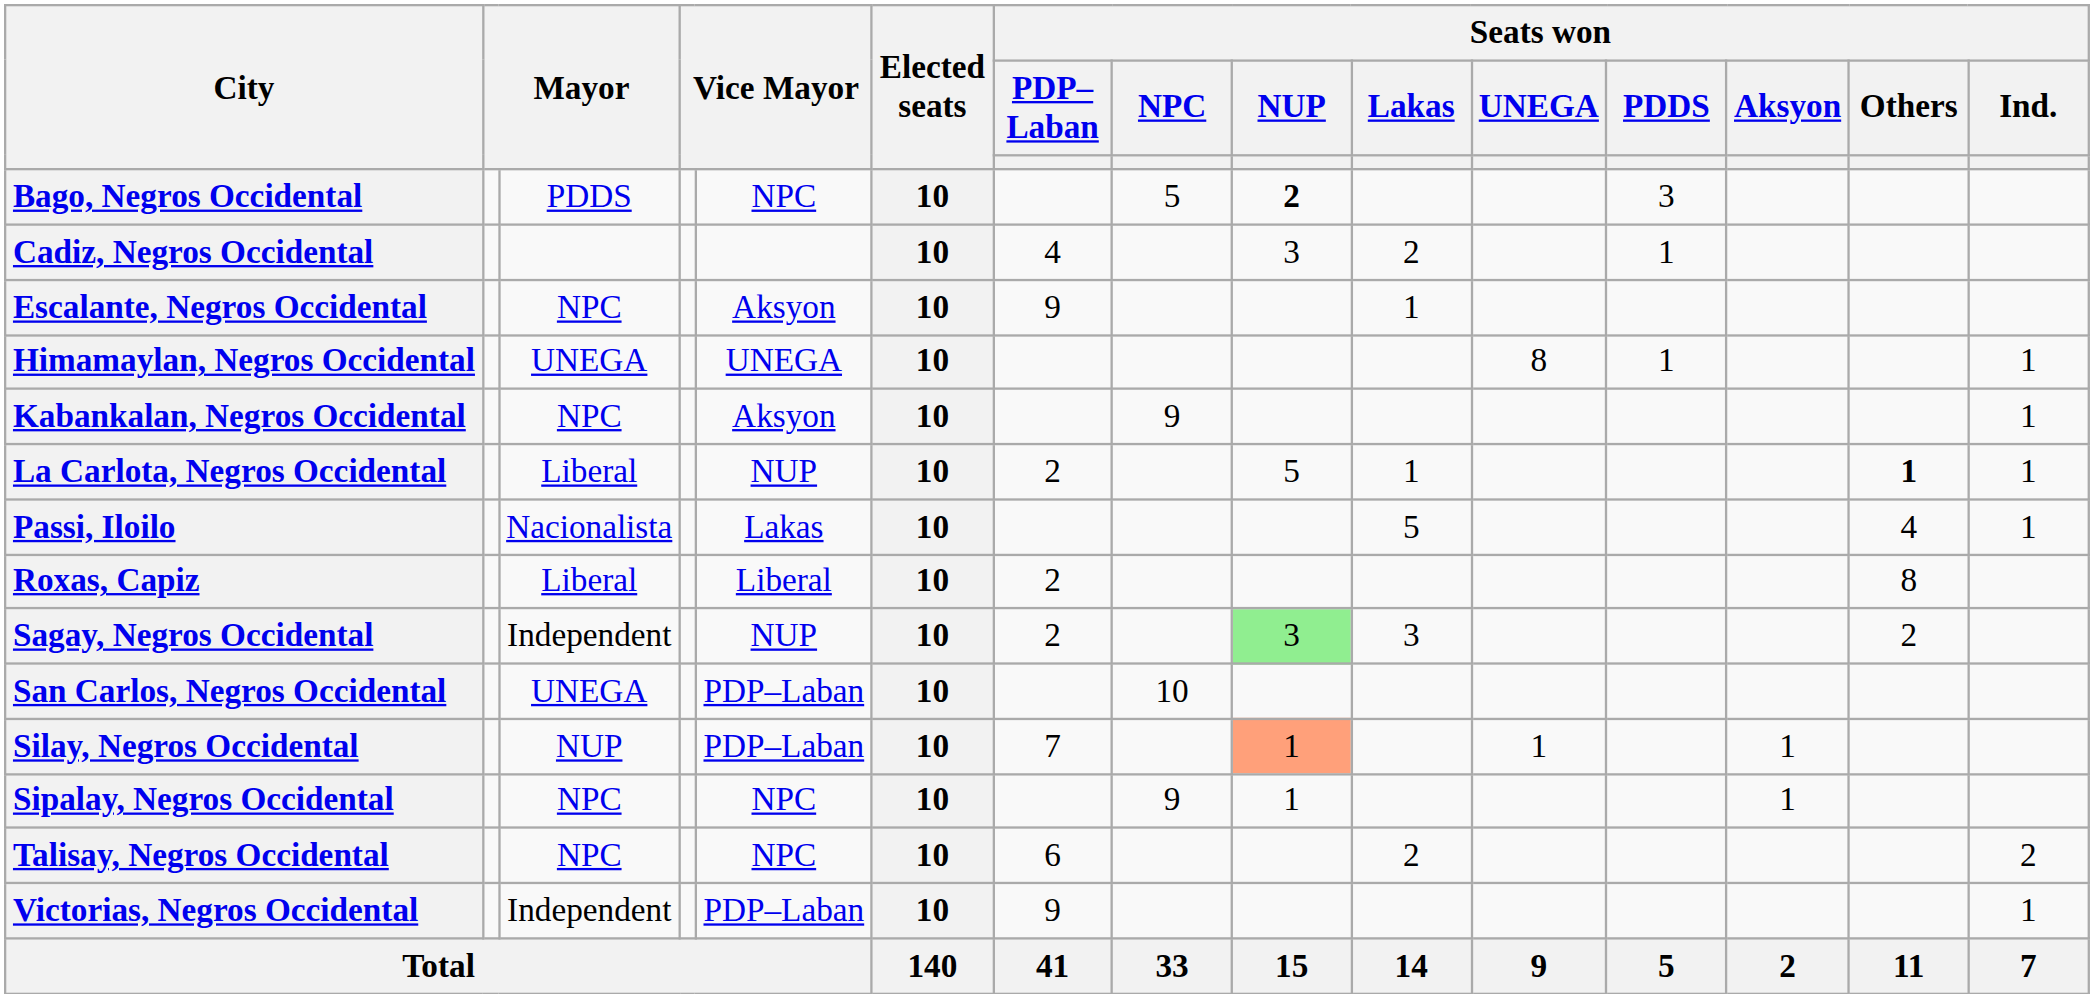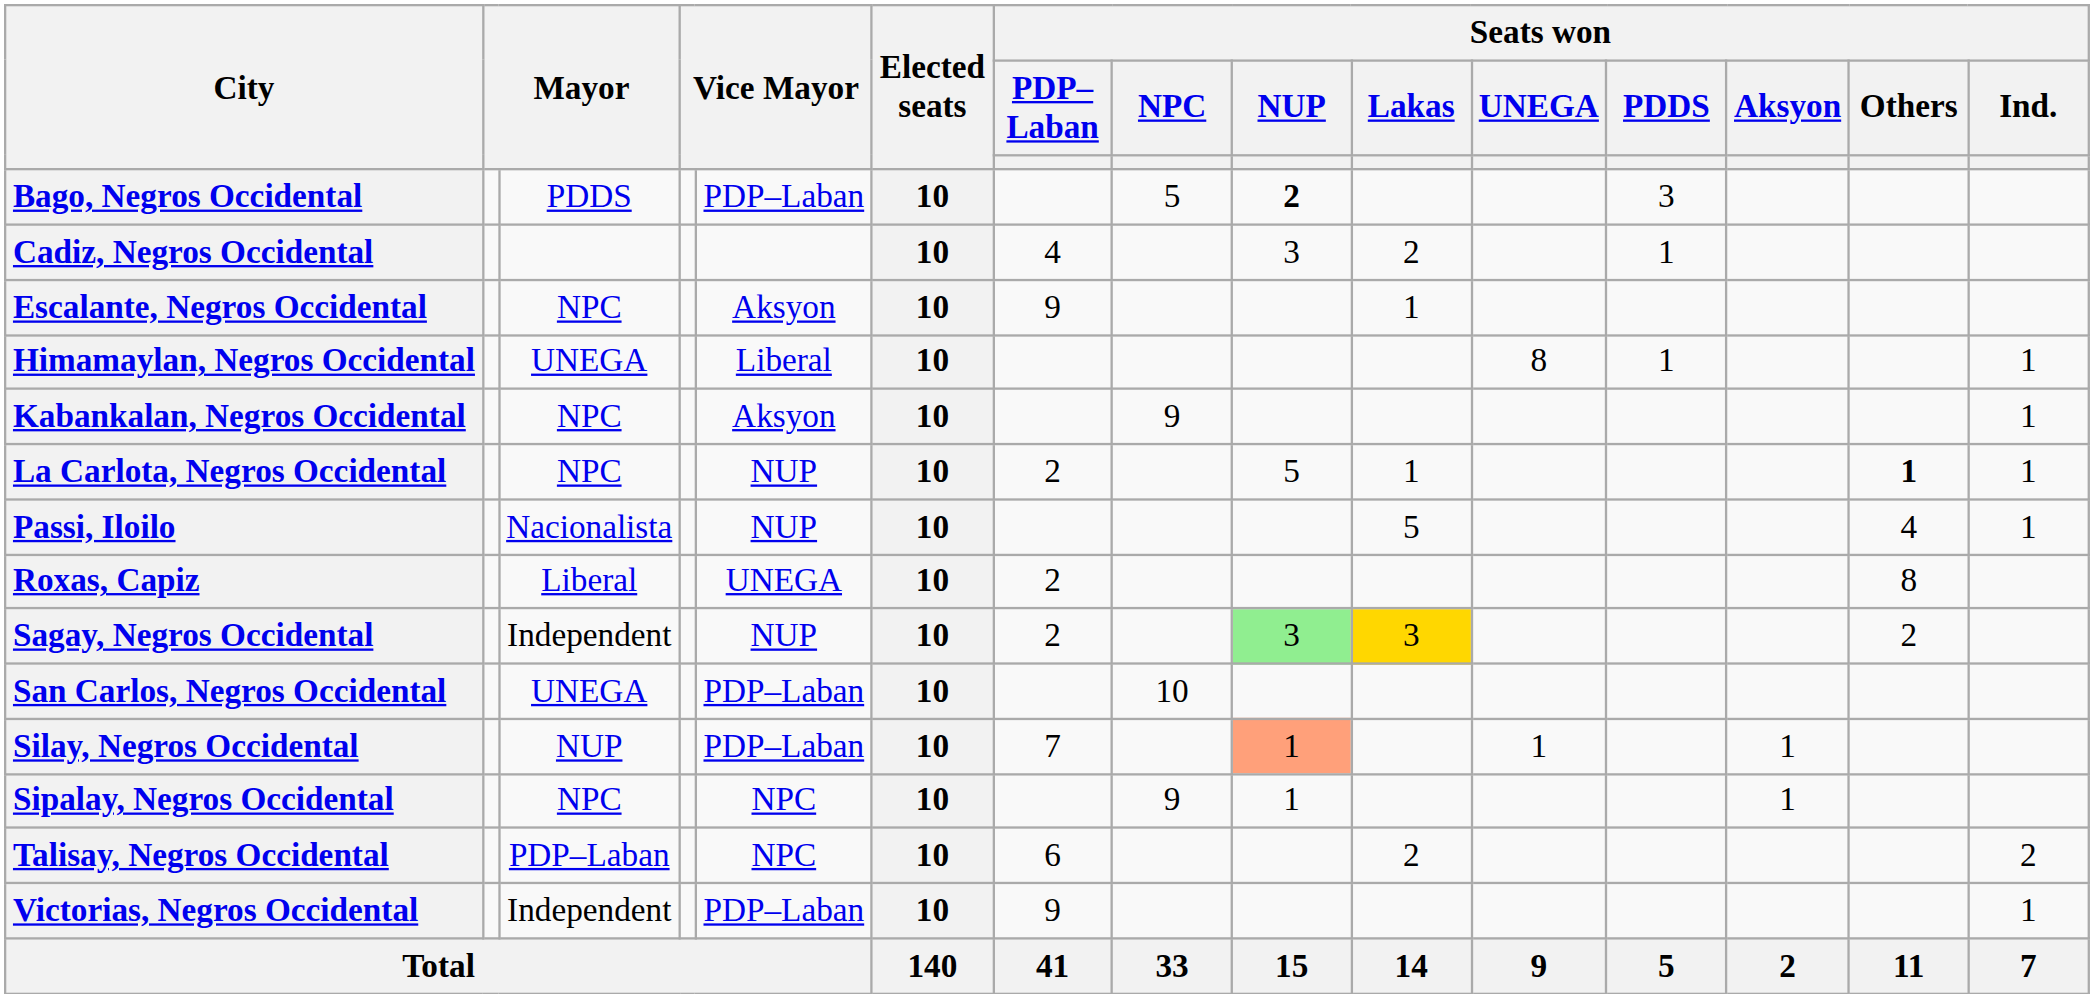 <table class="wikitable" style="text-align:center; font-size: 0.9em;">
 <tr>
 <th rowspan="3">City</th>
 <th colspan="2" rowspan="3" style="width:60px;">Mayor</th>
 <th colspan="2" rowspan="3" style="width:60px;">Vice Mayor</th>
 <th rowspan="3">Elected<br>seats</th>
 <th colspan="9">Seats won</th>
 </tr>
 <tr>
 <th class="unsortable" style="width:45px;"><a href='#'>PDP–Laban</a></th>
 <th class="unsortable" style="width:45px;"><a href='#'>NPC</a></th>
 <th class="unsortable" style="width:45px;"><a href='#'>NUP</a></th>
 <th class="unsortable" style="width:45px;"><a href='#'>Lakas</a></th>
 <th class="unsortable" style="width:45px;"><a href='#'>UNEGA</a></th>
 <th class="unsortable" style="width:45px;"><a href='#'>PDDS</a></th>
 <th class="unsortable" style="width:45px;"><a href='#'>Aksyon</a></th>
 <th class="unsortable" style="width:45px;">Others</th>
 <th class="unsortable" style="width:45px;">Ind.</th>
 </tr>
 <tr>
 <th style="color:inherit;background:"></th>
 <th style="color:inherit;background:"></th>
 <th style="color:inherit;background:"></th>
 <th style="color:inherit;background:"></th>
 <th style="color:inherit;background:"></th>
 <th style="color:inherit;background:"></th>
 <th style="color:inherit;background:"></th>
 <th></th>
 <th style="color:inherit;background:"></th>
 </tr>
 <tr>
 <th style="text-align: left;"><a href='#'>Bago, Negros Occidental</a></th>
 <td style="color:inherit;background:"></td>
 <td><a href='#'>PDDS</a></td>
 <td style="color:inherit;background:"></td>
-<td><a href='#'>NPC</a></td>
+<td><a href='#'>PDP–Laban</a></td>
 <th>10</th>
 <td></td>
 <td>5</td>
 <td><strong>2</strong></td>
 <td></td>
 <td></td>
 <td>3</td>
 <td></td>
 <td></td>
 <td></td>
 </tr>
 <tr>
 <th style="text-align: left;"><a href='#'>Cadiz, Negros Occidental</a></th>
 <td style="color:inherit;background:"></td>
 <td></td>
 <td style="color:inherit;background:"></td>
 <td></td>
 <th>10</th>
 <td>4</td>
 <td></td>
 <td>3</td>
 <td>2</td>
 <td></td>
 <td>1</td>
 <td></td>
 <td></td>
 <td></td>
 </tr>
 <tr>
 <th style="text-align: left;"><a href='#'>Escalante, Negros Occidental</a></th>
 <td style="color:inherit;background:"></td>
 <td><a href='#'>NPC</a></td>
 <td style="color:inherit;background:"></td>
 <td><a href='#'>Aksyon</a></td>
 <th>10</th>
 <td>9</td>
 <td></td>
 <td></td>
 <td>1</td>
 <td></td>
 <td></td>
 <td></td>
 <td></td>
 <td></td>
 </tr>
 <tr>
 <th style="text-align: left;"><a href='#'>Himamaylan, Negros Occidental</a></th>
 <td style="color:inherit;background:"></td>
 <td><a href='#'>UNEGA</a></td>
 <td style="color:inherit;background:"></td>
-<td><a href='#'>UNEGA</a></td>
+<td><a href='#'>Liberal</a></td>
 <th>10</th>
 <td></td>
 <td></td>
 <td></td>
 <td></td>
 <td>8</td>
 <td>1</td>
 <td></td>
 <td></td>
 <td>1</td>
 </tr>
 <tr>
 <th style="text-align: left;"><a href='#'>Kabankalan, Negros Occidental</a></th>
 <td style="color:inherit;background:"></td>
 <td><a href='#'>NPC</a></td>
 <td style="color:inherit;background:"></td>
 <td><a href='#'>Aksyon</a></td>
 <th>10</th>
 <td></td>
 <td>9</td>
 <td></td>
 <td></td>
 <td></td>
 <td></td>
 <td></td>
 <td></td>
 <td>1</td>
 </tr>
 <tr>
 <th style="text-align: left;"><a href='#'>La Carlota, Negros Occidental</a></th>
 <td style="color:inherit;background:"></td>
-<td><a href='#'>Liberal</a></td>
+<td><a href='#'>NPC</a></td>
 <td style="color:inherit;background:"></td>
 <td><a href='#'>NUP</a></td>
 <th>10</th>
 <td>2</td>
 <td></td>
 <td>5</td>
 <td>1</td>
 <td></td>
 <td></td>
 <td></td>
 <td><strong>1 </strong></td>
 <td>1</td>
 </tr>
 <tr>
 <th style="text-align: left;"><a href='#'>Passi, Iloilo</a></th>
 <td style="color:inherit;background:"></td>
 <td><a href='#'>Nacionalista</a></td>
 <td style="color:inherit;background:"></td>
-<td><a href='#'>Lakas</a></td>
+<td><a href='#'>NUP</a></td>
 <th>10</th>
 <td></td>
 <td></td>
 <td></td>
 <td>5</td>
 <td></td>
 <td></td>
 <td></td>
 <td>4 </td>
 <td>1</td>
 </tr>
 <tr>
 <th style="text-align: left;"><a href='#'>Roxas, Capiz</a></th>
 <td style="color:inherit;background:"></td>
 <td><a href='#'>Liberal</a></td>
 <td style="color:inherit;background:"></td>
-<td><a href='#'>Liberal</a></td>
+<td><a href='#'>UNEGA</a></td>
 <th>10</th>
 <td>2</td>
 <td></td>
 <td></td>
 <td></td>
 <td></td>
 <td></td>
 <td></td>
 <td>8 </td>
 <td></td>
 </tr>
 <tr>
 <th style="text-align: left;"><a href='#'>Sagay, Negros Occidental</a></th>
 <td style="color:inherit;background:"></td>
 <td>Independent</td>
 <td style="color:inherit;background:"></td>
 <td><a href='#'>NUP</a></td>
 <th>10</th>
 <td>2</td>
 <td></td>
 <td style="background: lightgreen;">3</td>
-<td>3</td>
+<td style="background: gold;">3</td>
 <td></td>
 <td></td>
 <td></td>
 <td>2  </td>
 <td></td>
 </tr>
 <tr>
 <th style="text-align: left;"><a href='#'>San Carlos, Negros Occidental</a></th>
 <td style="color:inherit;background:"></td>
 <td><a href='#'>UNEGA</a></td>
 <td style="color:inherit;background:"></td>
 <td><a href='#'>PDP–Laban</a></td>
 <th>10</th>
 <td></td>
 <td>10</td>
 <td></td>
 <td></td>
 <td></td>
 <td></td>
 <td></td>
 <td></td>
 <td></td>
 </tr>
 <tr>
 <th style="text-align: left;"><a href='#'>Silay, Negros Occidental</a></th>
 <td style="color:inherit;background:"></td>
 <td><a href='#'>NUP</a></td>
 <td style="color:inherit;background:"></td>
 <td><a href='#'>PDP–Laban</a></td>
 <th>10</th>
 <td>7</td>
 <td></td>
 <td style="background: lightsalmon;">1</td>
 <td></td>
 <td>1</td>
 <td></td>
 <td>1</td>
 <td></td>
 <td></td>
 </tr>
 <tr>
 <th style="text-align: left;"><a href='#'>Sipalay, Negros Occidental</a></th>
 <td style="color:inherit;background:"></td>
 <td><a href='#'>NPC</a></td>
 <td style="color:inherit;background:"></td>
 <td><a href='#'>NPC</a></td>
 <th>10</th>
 <td></td>
 <td>9</td>
 <td>1</td>
 <td></td>
 <td></td>
 <td></td>
 <td>1</td>
 <td></td>
 <td></td>
 </tr>
 <tr>
 <th style="text-align: left;"><a href='#'>Talisay, Negros Occidental</a></th>
 <td style="color:inherit;background:"></td>
-<td><a href='#'>NPC</a></td>
+<td><a href='#'>PDP–Laban</a></td>
 <td style="color:inherit;background:"></td>
 <td><a href='#'>NPC</a></td>
 <th>10</th>
 <td>6</td>
 <td></td>
 <td></td>
 <td>2</td>
 <td></td>
 <td></td>
 <td></td>
 <td></td>
 <td>2</td>
 </tr>
 <tr>
 <th style="text-align: left;"><a href='#'>Victorias, Negros Occidental</a></th>
 <td style="color:inherit;background:"></td>
 <td>Independent</td>
 <td style="color:inherit;background:"></td>
 <td><a href='#'>PDP–Laban</a></td>
 <th>10</th>
 <td>9</td>
 <td></td>
 <td></td>
 <td></td>
 <td></td>
 <td></td>
 <td></td>
 <td></td>
 <td>1</td>
 </tr>
 <tr>
 <th colspan="5">Total</th>
 <th>140</th>
 <th>41</th>
 <th>33</th>
 <th>15</th>
 <th>14</th>
 <th>9</th>
 <th>5</th>
 <th>2</th>
 <th>11</th>
 <th>7</th>
 </tr>
 </table>
